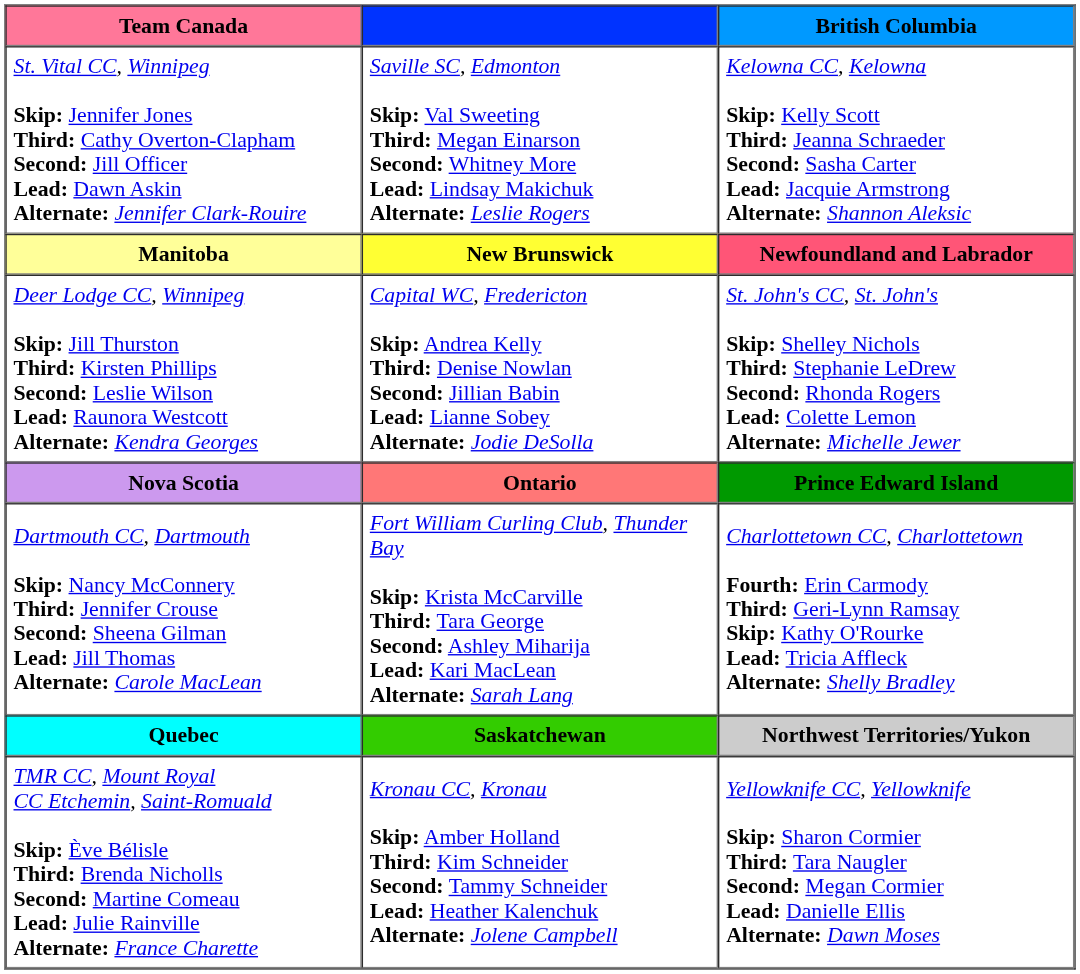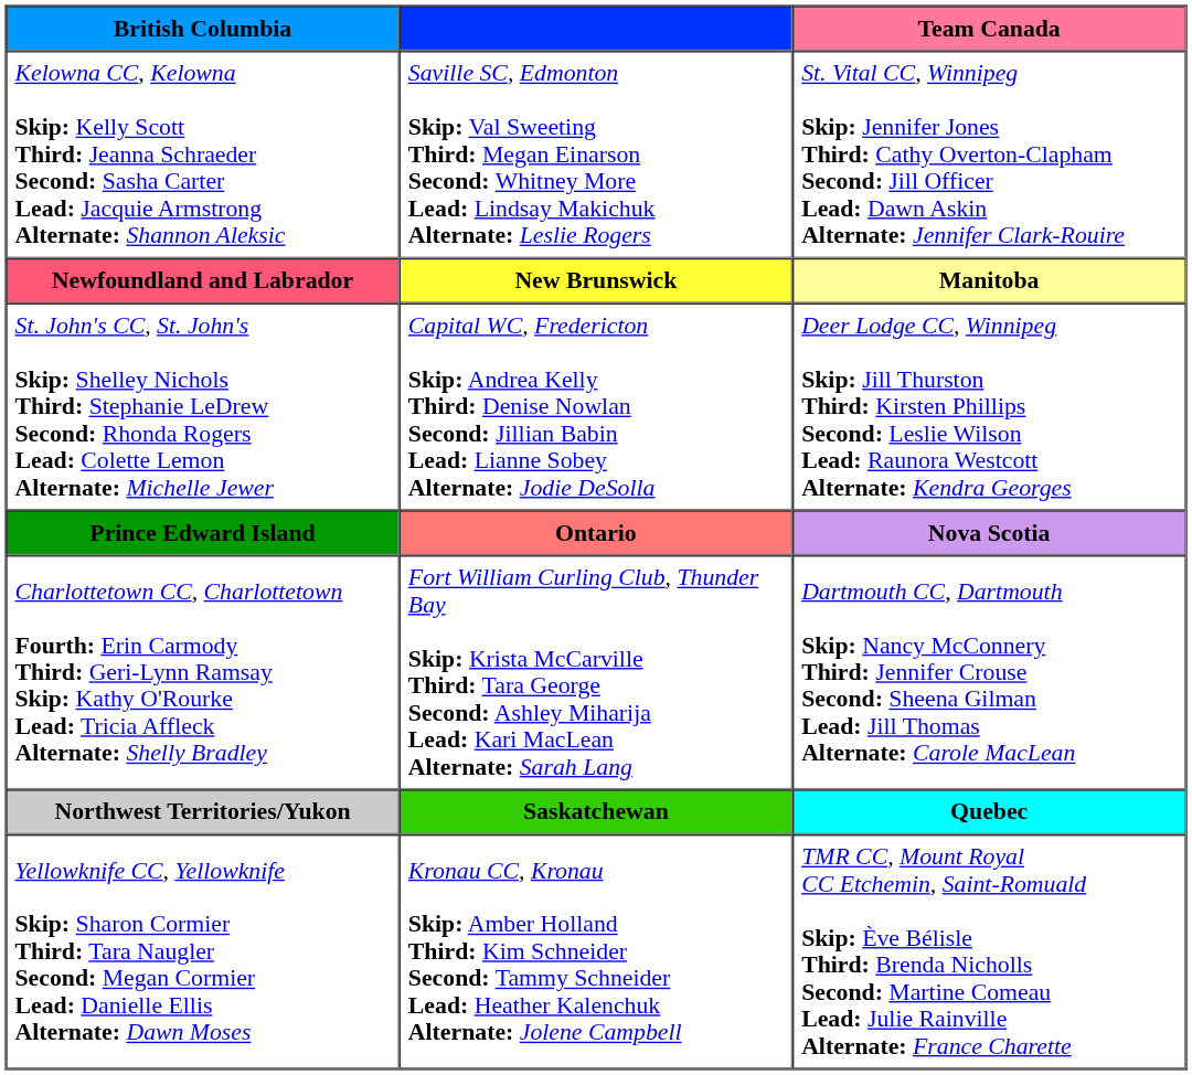 <table border=1 cellpadding=5 cellspacing=0>
 <tr>
+<th style="background:#09f; width:250px;">British Columbia</th>
+<th style="background:#03f; width:250px;"></th>
 <th style="background:#f79; width:250px;">Team Canada</th>
-<th style="background:#03f; width:250px;"></th>
-<th style="background:#09f; width:250px;">British Columbia</th>
 </tr>
 <tr align=center>
+<td align=left><em><a href='#'>Kelowna CC</a>, <a href='#'>Kelowna</a></em><br><br><strong>Skip:</strong> <a href='#'>Kelly Scott</a><br> <strong>Third:</strong> <a href='#'>Jeanna Schraeder</a><br> <strong>Second:</strong> <a href='#'>Sasha Carter</a><br> <strong>Lead:</strong> <a href='#'>Jacquie Armstrong</a><br> <strong>Alternate:</strong> <em><a href='#'>Shannon Aleksic</a></em></td>
+<td align=left><em><a href='#'>Saville SC</a>, <a href='#'>Edmonton</a></em><br><br><strong>Skip:</strong> <a href='#'>Val Sweeting</a><br> <strong>Third:</strong> <a href='#'>Megan Einarson</a><br> <strong>Second:</strong> <a href='#'>Whitney More</a><br> <strong>Lead:</strong> <a href='#'>Lindsay Makichuk</a><br> <strong>Alternate:</strong> <em><a href='#'>Leslie Rogers</a></em></td>
 <td align=left><em><a href='#'>St. Vital CC</a>, <a href='#'>Winnipeg</a></em><br><br><strong>Skip:</strong> <a href='#'>Jennifer Jones</a><br> <strong>Third:</strong> <a href='#'>Cathy Overton-Clapham</a><br> <strong>Second:</strong> <a href='#'>Jill Officer</a><br> <strong>Lead:</strong> <a href='#'>Dawn Askin</a><br> <strong>Alternate:</strong> <em><a href='#'>Jennifer Clark-Rouire</a></em></td>
-<td align=left><em><a href='#'>Saville SC</a>, <a href='#'>Edmonton</a></em><br><br><strong>Skip:</strong> <a href='#'>Val Sweeting</a><br> <strong>Third:</strong> <a href='#'>Megan Einarson</a><br> <strong>Second:</strong> <a href='#'>Whitney More</a><br> <strong>Lead:</strong> <a href='#'>Lindsay Makichuk</a><br> <strong>Alternate:</strong> <em><a href='#'>Leslie Rogers</a></em></td>
-<td align=left><em><a href='#'>Kelowna CC</a>, <a href='#'>Kelowna</a></em><br><br><strong>Skip:</strong> <a href='#'>Kelly Scott</a><br> <strong>Third:</strong> <a href='#'>Jeanna Schraeder</a><br> <strong>Second:</strong> <a href='#'>Sasha Carter</a><br> <strong>Lead:</strong> <a href='#'>Jacquie Armstrong</a><br> <strong>Alternate:</strong> <em><a href='#'>Shannon Aleksic</a></em></td>
 </tr>
 <tr border=1 cellpadding=5 cellspacing=0>
+<th style="background:#f57; width:200px;">Newfoundland and Labrador</th>
+<th style="background:#ff3; width:200px;">New Brunswick</th>
 <th style="background:#ff9; width:200px;">Manitoba</th>
-<th style="background:#ff3; width:200px;">New Brunswick</th>
-<th style="background:#f57; width:200px;">Newfoundland and Labrador</th>
 </tr>
 <tr align=center>
+<td align=left><em><a href='#'>St. John's CC</a>, <a href='#'>St. John's</a></em><br><br><strong>Skip:</strong> <a href='#'>Shelley Nichols</a><br> <strong>Third:</strong> <a href='#'>Stephanie LeDrew</a><br> <strong>Second:</strong> <a href='#'>Rhonda Rogers</a><br> <strong>Lead:</strong> <a href='#'>Colette Lemon</a><br> <strong>Alternate:</strong> <em><a href='#'>Michelle Jewer</a></em></td>
+<td align=left><em><a href='#'>Capital WC</a>, <a href='#'>Fredericton</a></em><br><br><strong>Skip:</strong> <a href='#'>Andrea Kelly</a><br> <strong>Third:</strong> <a href='#'>Denise Nowlan</a><br> <strong>Second:</strong> <a href='#'>Jillian Babin</a><br> <strong>Lead:</strong> <a href='#'>Lianne Sobey</a><br> <strong>Alternate:</strong> <em><a href='#'>Jodie DeSolla</a></em></td>
 <td align=left><em><a href='#'>Deer Lodge CC</a>, <a href='#'>Winnipeg</a></em><br><br><strong>Skip:</strong> <a href='#'>Jill Thurston</a><br> <strong>Third:</strong> <a href='#'>Kirsten Phillips</a><br> <strong>Second:</strong>  <a href='#'>Leslie Wilson</a><br> <strong>Lead:</strong>  <a href='#'>Raunora Westcott</a><br> <strong>Alternate:</strong> <em><a href='#'>Kendra Georges</a></em></td>
-<td align=left><em><a href='#'>Capital WC</a>, <a href='#'>Fredericton</a></em><br><br><strong>Skip:</strong> <a href='#'>Andrea Kelly</a><br> <strong>Third:</strong> <a href='#'>Denise Nowlan</a><br> <strong>Second:</strong> <a href='#'>Jillian Babin</a><br> <strong>Lead:</strong> <a href='#'>Lianne Sobey</a><br> <strong>Alternate:</strong> <em><a href='#'>Jodie DeSolla</a></em></td>
-<td align=left><em><a href='#'>St. John's CC</a>, <a href='#'>St. John's</a></em><br><br><strong>Skip:</strong> <a href='#'>Shelley Nichols</a><br> <strong>Third:</strong> <a href='#'>Stephanie LeDrew</a><br> <strong>Second:</strong> <a href='#'>Rhonda Rogers</a><br> <strong>Lead:</strong> <a href='#'>Colette Lemon</a><br> <strong>Alternate:</strong> <em><a href='#'>Michelle Jewer</a></em></td>
 </tr>
 <tr border=1 cellpadding=5 cellspacing=0>
+<th style="background:#090; width:200px;">Prince Edward Island</th>
+<th style="background:#f77; width:200px;">Ontario</th>
 <th style="background:#c9e; width:200px;">Nova Scotia</th>
-<th style="background:#f77; width:200px;">Ontario</th>
-<th style="background:#090; width:200px;">Prince Edward Island</th>
 </tr>
 <tr align=center>
+<td align=left><em><a href='#'>Charlottetown CC</a>, <a href='#'>Charlottetown</a></em><br><br><strong>Fourth:</strong> <a href='#'>Erin Carmody</a><br> <strong>Third:</strong> <a href='#'>Geri-Lynn Ramsay</a><br> <strong>Skip:</strong> <a href='#'>Kathy O'Rourke</a><br> <strong>Lead:</strong> <a href='#'>Tricia Affleck</a><br> <strong>Alternate:</strong> <em><a href='#'>Shelly Bradley</a></em></td>
+<td align=left><em><a href='#'>Fort William Curling Club</a>, <a href='#'>Thunder Bay</a></em><br><br><strong>Skip:</strong> <a href='#'>Krista McCarville</a><br> <strong>Third:</strong> <a href='#'>Tara George</a><br> <strong>Second:</strong> <a href='#'>Ashley Miharija</a><br> <strong>Lead:</strong> <a href='#'>Kari MacLean</a><br> <strong>Alternate:</strong> <em><a href='#'>Sarah Lang</a></em></td>
 <td align=left><em><a href='#'>Dartmouth CC</a>, <a href='#'>Dartmouth</a></em><br><br><strong>Skip:</strong> <a href='#'>Nancy McConnery</a><br> <strong>Third:</strong> <a href='#'>Jennifer Crouse</a><br> <strong>Second:</strong> <a href='#'>Sheena Gilman</a><br> <strong>Lead:</strong> <a href='#'>Jill Thomas</a><br> <strong>Alternate:</strong> <em><a href='#'>Carole MacLean</a></em></td>
-<td align=left><em><a href='#'>Fort William Curling Club</a>, <a href='#'>Thunder Bay</a></em><br><br><strong>Skip:</strong> <a href='#'>Krista McCarville</a><br> <strong>Third:</strong> <a href='#'>Tara George</a><br> <strong>Second:</strong> <a href='#'>Ashley Miharija</a><br> <strong>Lead:</strong> <a href='#'>Kari MacLean</a><br> <strong>Alternate:</strong> <em><a href='#'>Sarah Lang</a></em></td>
-<td align=left><em><a href='#'>Charlottetown CC</a>, <a href='#'>Charlottetown</a></em><br><br><strong>Fourth:</strong> <a href='#'>Erin Carmody</a><br> <strong>Third:</strong> <a href='#'>Geri-Lynn Ramsay</a><br> <strong>Skip:</strong> <a href='#'>Kathy O'Rourke</a><br> <strong>Lead:</strong> <a href='#'>Tricia Affleck</a><br> <strong>Alternate:</strong> <em><a href='#'>Shelly Bradley</a></em></td>
 </tr>
 <tr border=1 cellpadding=5 cellspacing=0>
+<th style="background:#ccc; width:200px;">Northwest Territories/Yukon</th>
+<th style="background:#3c0; width:200px;">Saskatchewan</th>
 <th style="background:#0ff; width:200px;">Quebec</th>
-<th style="background:#3c0; width:200px;">Saskatchewan</th>
-<th style="background:#ccc; width:200px;">Northwest Territories/Yukon</th>
 </tr>
 <tr align=center>
+<td align=left><em><a href='#'>Yellowknife CC</a>, <a href='#'>Yellowknife</a></em><br><br><strong>Skip:</strong> <a href='#'>Sharon Cormier</a><br> <strong>Third:</strong> <a href='#'>Tara Naugler</a><br> <strong>Second:</strong> <a href='#'>Megan Cormier</a><br> <strong>Lead:</strong> <a href='#'>Danielle Ellis</a><br> <strong>Alternate:</strong> <em><a href='#'>Dawn Moses</a></em></td>
+<td align=left><em><a href='#'>Kronau CC</a>, <a href='#'>Kronau</a></em><br><br><strong>Skip:</strong> <a href='#'>Amber Holland</a><br> <strong>Third:</strong> <a href='#'>Kim Schneider</a><br> <strong>Second:</strong> <a href='#'>Tammy Schneider</a><br> <strong>Lead:</strong> <a href='#'>Heather Kalenchuk</a><br> <strong>Alternate:</strong> <em><a href='#'>Jolene Campbell</a></em></td>
 <td align=left><em><a href='#'>TMR CC</a>, <a href='#'>Mount Royal</a><br><a href='#'>CC Etchemin</a>, <a href='#'>Saint-Romuald</a></em><br><br><strong>Skip:</strong> <a href='#'>Ève Bélisle</a><br> <strong>Third:</strong> <a href='#'>Brenda Nicholls</a><br> <strong>Second:</strong> <a href='#'>Martine Comeau</a><br>  <strong>Lead:</strong> <a href='#'>Julie Rainville</a><br> <strong>Alternate:</strong> <em><a href='#'>France Charette</a></em></td>
-<td align=left><em><a href='#'>Kronau CC</a>, <a href='#'>Kronau</a></em><br><br><strong>Skip:</strong> <a href='#'>Amber Holland</a><br> <strong>Third:</strong> <a href='#'>Kim Schneider</a><br> <strong>Second:</strong> <a href='#'>Tammy Schneider</a><br> <strong>Lead:</strong> <a href='#'>Heather Kalenchuk</a><br> <strong>Alternate:</strong> <em><a href='#'>Jolene Campbell</a></em></td>
-<td align=left><em><a href='#'>Yellowknife CC</a>, <a href='#'>Yellowknife</a></em><br><br><strong>Skip:</strong> <a href='#'>Sharon Cormier</a><br> <strong>Third:</strong> <a href='#'>Tara Naugler</a><br> <strong>Second:</strong> <a href='#'>Megan Cormier</a><br> <strong>Lead:</strong> <a href='#'>Danielle Ellis</a><br> <strong>Alternate:</strong> <em><a href='#'>Dawn Moses</a></em></td>
 </tr>
 </table>
